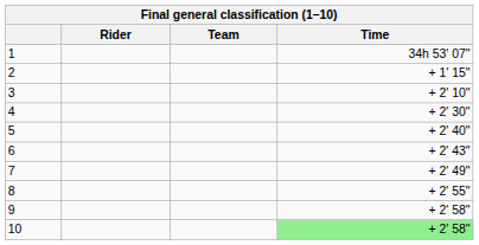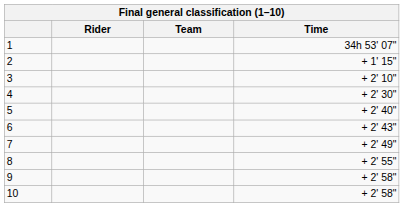 <table class="wikitable" style="width:38em;margin-bottom:0">
 <tr>
 <th colspan=4>Final general classification (1–10)</th>
 </tr>
 <tr>
 <th></th>
 <th>Rider</th>
 <th>Team</th>
 <th>Time</th>
 </tr>
 <tr>
 <td>1</td>
 <td> </td>
 <td></td>
 <td align="right">34h 53' 07"</td>
 </tr>
 <tr>
 <td>2</td>
 <td></td>
 <td></td>
 <td align="right">+ 1' 15"</td>
 </tr>
 <tr>
 <td>3</td>
 <td></td>
 <td></td>
 <td align="right">+ 2' 10"</td>
 </tr>
 <tr>
 <td>4</td>
 <td></td>
 <td></td>
 <td align="right">+ 2' 30"</td>
 </tr>
 <tr>
 <td>5</td>
 <td></td>
 <td></td>
 <td align="right">+ 2' 40"</td>
 </tr>
 <tr>
 <td>6</td>
 <td></td>
 <td></td>
 <td align="right">+ 2' 43"</td>
 </tr>
 <tr>
 <td>7</td>
 <td></td>
 <td></td>
 <td align="right">+ 2' 49"</td>
 </tr>
 <tr>
 <td>8</td>
 <td></td>
 <td></td>
 <td align="right">+ 2' 55"</td>
 </tr>
 <tr>
 <td>9</td>
 <td></td>
 <td></td>
 <td align="right">+ 2' 58"</td>
 </tr>
 <tr>
 <td>10</td>
 <td></td>
 <td></td>
-<td align="right" style="background: lightgreen;">+ 2' 58"</td>
+<td align="right">+ 2' 58"</td>
 </tr>
 </table>
